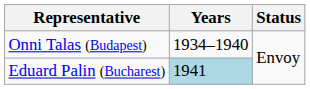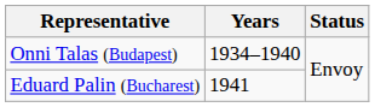 <table class="wikitable sortable">
 <tr>
 <th>Representative</th>
 <th>Years</th>
 <th>Status</th>
 </tr>
 <tr>
 <td><a href='#'>Onni Talas</a> <small>(<a href='#'>Budapest</a>)</small></td>
 <td>1934–1940</td>
 <td rowspan="2">Envoy</td>
 </tr>
 <tr>
 <td><a href='#'>Eduard Palin</a> <small>(<a href='#'>Bucharest</a>)</small></td>
-<td style="background: lightblue;">1941</td>
+<td>1941</td>
 </tr>
 </table>
